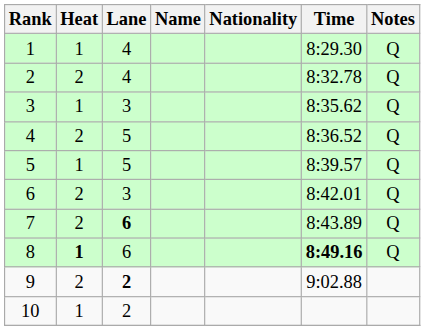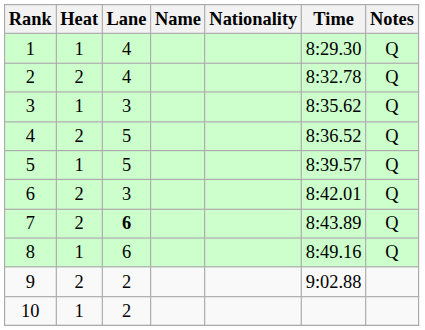 <table class="wikitable sortable" style="text-align:center">
 <tr>
 <th>Rank</th>
 <th>Heat</th>
 <th>Lane</th>
 <th>Name</th>
 <th>Nationality</th>
 <th>Time</th>
 <th>Notes</th>
 </tr>
 <tr bgcolor=ccffcc>
 <td>1</td>
 <td>1</td>
 <td>4</td>
 <td align=left></td>
 <td align=left></td>
 <td>8:29.30</td>
 <td>Q</td>
 </tr>
 <tr bgcolor=ccffcc>
 <td>2</td>
 <td>2</td>
 <td>4</td>
 <td align=left></td>
 <td align=left></td>
 <td>8:32.78</td>
 <td>Q</td>
 </tr>
 <tr bgcolor=ccffcc>
 <td>3</td>
 <td>1</td>
 <td>3</td>
 <td align=left></td>
 <td align=left></td>
 <td>8:35.62</td>
 <td>Q</td>
 </tr>
 <tr bgcolor=ccffcc>
 <td>4</td>
 <td>2</td>
 <td>5</td>
 <td align=left></td>
 <td align=left></td>
 <td>8:36.52</td>
 <td>Q</td>
 </tr>
 <tr bgcolor=ccffcc>
 <td>5</td>
 <td>1</td>
 <td>5</td>
 <td align=left></td>
 <td align=left></td>
 <td>8:39.57</td>
 <td>Q</td>
 </tr>
 <tr bgcolor=ccffcc>
 <td>6</td>
 <td>2</td>
 <td>3</td>
 <td align=left></td>
 <td align=left></td>
 <td>8:42.01</td>
 <td>Q</td>
 </tr>
 <tr bgcolor=ccffcc>
 <td>7</td>
 <td>2</td>
 <td><strong>6</strong></td>
 <td align=left></td>
 <td align=left></td>
 <td>8:43.89</td>
 <td>Q</td>
 </tr>
 <tr bgcolor=ccffcc>
 <td>8</td>
-<td><strong>1</strong></td>
+<td>1</td>
 <td>6</td>
 <td align=left></td>
 <td align=left></td>
-<td><strong>8:49.16</strong></td>
+<td>8:49.16</td>
 <td>Q</td>
 </tr>
 <tr>
 <td>9</td>
 <td>2</td>
-<td><strong>2</strong></td>
+<td>2</td>
 <td align=left></td>
 <td align=left></td>
 <td>9:02.88</td>
 <td></td>
 </tr>
 <tr>
 <td>10</td>
 <td>1</td>
 <td>2</td>
 <td align=left></td>
 <td align=left></td>
 <td></td>
 <td></td>
 </tr>
 <tr>
 </tr>
 </table>
